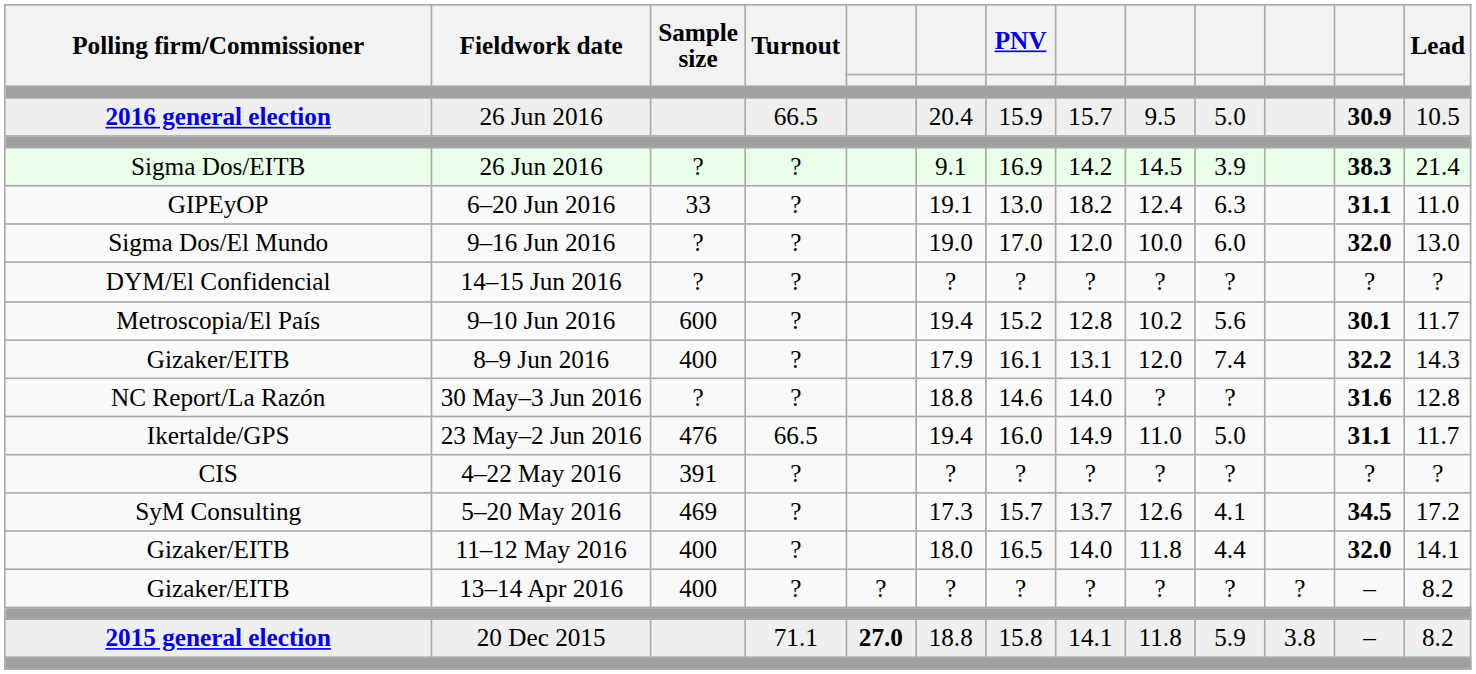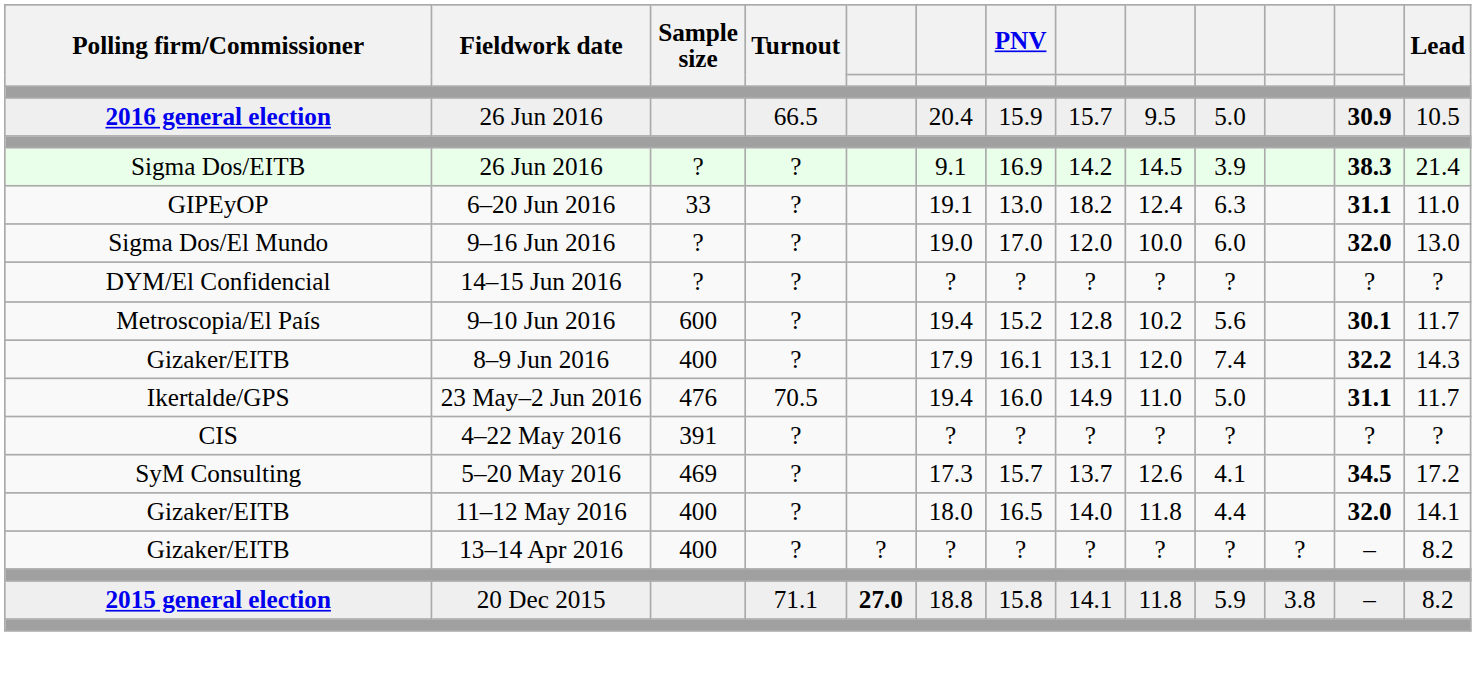 <table class="wikitable collapsible collapsed" style="text-align:center; font-size:95%; line-height:16px;">
 <tr style="height:42px; background-color:#E9E9E9">
 <th style="width:250px;" rowspan="2">Polling firm/Commissioner</th>
 <th style="width:125px;" rowspan="2">Fieldwork date</th>
 <th style="width:50px;" rowspan="2">Sample size</th>
 <th style="width:45px;" rowspan="2">Turnout</th>
 <th style="width:35px;"></th>
 <th style="width:35px;"></th>
 <th style="width:35px;"><a href='#'>PNV</a></th>
 <th style="width:35px;"></th>
 <th style="width:35px;"></th>
 <th style="width:35px;"></th>
 <th style="width:35px;"></th>
 <th style="width:35px;"></th>
 <th style="width:30px;" rowspan="2">Lead</th>
 </tr>
 <tr>
 <th style="color:inherit;background:"></th>
 <th style="color:inherit;background:"></th>
 <th style="color:inherit;background:"></th>
 <th style="color:inherit;background:"></th>
 <th style="color:inherit;background:"></th>
 <th style="color:inherit;background:"></th>
 <th style="color:inherit;background:"></th>
 <th style="color:inherit;background:"></th>
 </tr>
 <tr>
 <td colspan="13" style="background:#A0A0A0"></td>
 </tr>
 <tr style="background:#EFEFEF;">
 <td><strong><a href='#'>2016 general election</a></strong></td>
 <td>26 Jun 2016</td>
 <td></td>
 <td>66.5</td>
 <td></td>
 <td>20.4<br></td>
 <td>15.9<br></td>
 <td>15.7<br></td>
 <td>9.5<br></td>
 <td>5.0<br></td>
 <td></td>
 <td><strong>30.9</strong><br></td>
 <td style="background:">10.5</td>
 </tr>
 <tr>
 <td colspan="13" style="background:#A0A0A0"></td>
 </tr>
 <tr style="background:#EAFFEA;">
 <td>Sigma Dos/EITB</td>
 <td>26 Jun 2016</td>
 <td>?</td>
 <td>?</td>
 <td></td>
 <td>9.1<br></td>
 <td>16.9<br></td>
 <td>14.2<br></td>
 <td>14.5<br></td>
 <td>3.9<br></td>
 <td></td>
 <td><strong>38.3</strong><br></td>
 <td style="background:">21.4</td>
 </tr>
 <tr>
 <td>GIPEyOP</td>
 <td>6–20 Jun 2016</td>
 <td>33</td>
 <td>?</td>
 <td></td>
 <td>19.1<br></td>
 <td>13.0<br></td>
 <td>18.2<br></td>
 <td>12.4<br></td>
 <td>6.3<br></td>
 <td></td>
 <td><strong>31.1</strong><br></td>
 <td style="background:">11.0</td>
 </tr>
 <tr>
 <td>Sigma Dos/El Mundo</td>
 <td>9–16 Jun 2016</td>
 <td>?</td>
 <td>?</td>
 <td></td>
 <td>19.0<br></td>
 <td>17.0<br></td>
 <td>12.0<br></td>
 <td>10.0<br></td>
 <td>6.0<br></td>
 <td></td>
 <td><strong>32.0</strong><br></td>
 <td style="background:">13.0</td>
 </tr>
 <tr>
 <td>DYM/El Confidencial</td>
 <td>14–15 Jun 2016</td>
 <td>?</td>
 <td>?</td>
 <td></td>
 <td>?<br></td>
 <td>?<br></td>
 <td>?<br></td>
 <td>?<br></td>
 <td>?<br></td>
 <td></td>
 <td>?<br></td>
 <td style="background:">?</td>
 </tr>
 <tr>
 <td>Metroscopia/El País</td>
 <td>9–10 Jun 2016</td>
 <td>600</td>
 <td>?</td>
 <td></td>
 <td>19.4<br></td>
 <td>15.2<br></td>
 <td>12.8<br></td>
 <td>10.2<br></td>
 <td>5.6<br></td>
 <td></td>
 <td><strong>30.1</strong><br></td>
 <td style="background:">11.7</td>
 </tr>
 <tr>
 <td>Gizaker/EITB</td>
 <td>8–9 Jun 2016</td>
 <td>400</td>
 <td>?</td>
 <td></td>
 <td>17.9<br></td>
 <td>16.1<br></td>
 <td>13.1<br></td>
 <td>12.0<br></td>
 <td>7.4<br></td>
 <td></td>
 <td><strong>32.2</strong><br></td>
 <td style="background:">14.3</td>
 </tr>
 <tr>
-<td>NC Report/La Razón</td>
-<td>30 May–3 Jun 2016</td>
-<td>?</td>
-<td>?</td>
-<td></td>
-<td>18.8<br></td>
-<td>14.6<br></td>
-<td>14.0<br></td>
-<td>?<br></td>
-<td>?<br></td>
-<td></td>
-<td><strong>31.6</strong><br></td>
-<td style="background:">12.8</td>
-</tr>
-<tr>
 <td>Ikertalde/GPS</td>
 <td>23 May–2 Jun 2016</td>
 <td>476</td>
-<td>66.5</td>
+<td>70.5</td>
 <td></td>
 <td>19.4<br></td>
 <td>16.0<br></td>
 <td>14.9<br></td>
 <td>11.0<br></td>
 <td>5.0<br></td>
 <td></td>
 <td><strong>31.1</strong><br></td>
 <td style="background:">11.7</td>
 </tr>
 <tr>
 <td>CIS</td>
 <td>4–22 May 2016</td>
 <td>391</td>
 <td>?</td>
 <td></td>
 <td>?<br></td>
 <td>?<br></td>
 <td>?<br></td>
 <td>?<br></td>
 <td>?<br></td>
 <td></td>
 <td>?<br></td>
 <td style="background:">?</td>
 </tr>
 <tr>
 <td>SyM Consulting</td>
 <td>5–20 May 2016</td>
 <td>469</td>
 <td>?</td>
 <td></td>
 <td>17.3<br></td>
 <td>15.7<br></td>
 <td>13.7<br></td>
 <td>12.6<br></td>
 <td>4.1<br></td>
 <td></td>
 <td><strong>34.5</strong><br></td>
 <td style="background:">17.2</td>
 </tr>
 <tr>
 <td>Gizaker/EITB</td>
 <td>11–12 May 2016</td>
 <td>400</td>
 <td>?</td>
 <td></td>
 <td>18.0<br></td>
 <td>16.5<br></td>
 <td>14.0<br></td>
 <td>11.8<br></td>
 <td>4.4<br></td>
 <td></td>
 <td><strong>32.0</strong><br></td>
 <td style="background:">14.1</td>
 </tr>
 <tr>
 <td>Gizaker/EITB</td>
 <td>13–14 Apr 2016</td>
 <td>400</td>
 <td>?</td>
 <td>?<br></td>
 <td>?<br></td>
 <td>?<br></td>
 <td>?<br></td>
 <td>?<br></td>
 <td>?<br></td>
 <td>?<br></td>
 <td>–</td>
 <td style="background:">8.2</td>
 </tr>
 <tr>
 <td colspan="13" style="background:#A0A0A0"></td>
 </tr>
 <tr style="background:#EFEFEF;">
 <td><strong><a href='#'>2015 general election</a></strong></td>
 <td>20 Dec 2015</td>
 <td></td>
 <td>71.1</td>
 <td><strong>27.0</strong><br></td>
 <td>18.8<br></td>
 <td>15.8<br></td>
 <td>14.1<br></td>
 <td>11.8<br></td>
 <td>5.9<br></td>
 <td>3.8<br></td>
 <td>–</td>
 <td style="background:">8.2</td>
 </tr>
 <tr>
 <td colspan="13" style="background:#A0A0A0"></td>
 </tr>
 </table>
